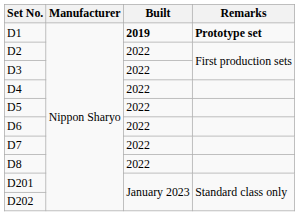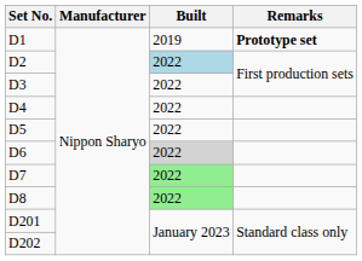 <table class="wikitable">
 <tr>
 <th>Set No.</th>
 <th>Manufacturer</th>
 <th>Built</th>
 <th>Remarks</th>
 </tr>
 <tr>
 <td>D1</td>
 <td rowspan="10">Nippon Sharyo</td>
-<td><strong>2019</strong></td>
+<td>2019</td>
 <td><strong>Prototype set</strong></td>
 </tr>
 <tr>
 <td>D2</td>
-<td>2022</td>
+<td style="background: lightblue;">2022</td>
 <td rowspan="2">First production sets</td>
 </tr>
 <tr>
 <td>D3</td>
 <td>2022</td>
 </tr>
 <tr>
 <td>D4</td>
 <td>2022</td>
 <td></td>
 </tr>
 <tr>
 <td>D5</td>
 <td>2022</td>
 <td></td>
 </tr>
 <tr>
 <td>D6</td>
-<td>2022</td>
+<td style="background: lightgrey;">2022</td>
 <td></td>
 </tr>
 <tr>
 <td>D7</td>
-<td>2022</td>
+<td style="background: lightgreen;">2022</td>
 <td></td>
 </tr>
 <tr>
 <td>D8</td>
-<td>2022</td>
+<td style="background: lightgreen;">2022</td>
 <td></td>
 </tr>
 <tr>
 <td>D201</td>
 <td rowspan="2">January 2023</td>
 <td rowspan="2">Standard class only</td>
 </tr>
 <tr>
 <td>D202</td>
 </tr>
 </table>
